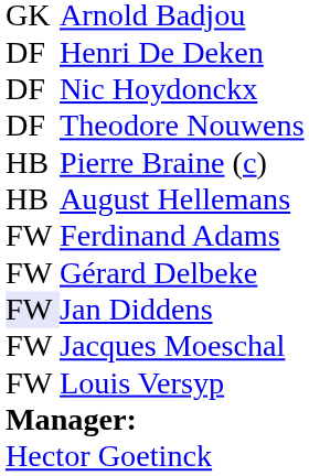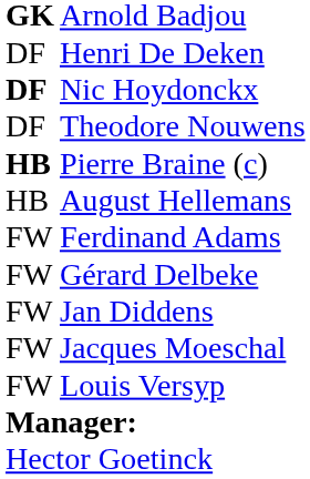 <table style="font-size: 90%" cellspacing="0" cellpadding="0" align=center>
 <tr>
 <th width="25"></th>
 </tr>
 <tr>
-<td>GK</td>
+<td><strong>GK</strong></td>
 <td><a href='#'>Arnold Badjou</a></td>
 </tr>
 <tr>
 <td>DF</td>
 <td><a href='#'>Henri De Deken</a></td>
 </tr>
 <tr>
-<td>DF</td>
+<td><strong>DF</strong></td>
 <td><a href='#'>Nic Hoydonckx</a></td>
 </tr>
 <tr>
 <td>DF</td>
 <td><a href='#'>Theodore Nouwens</a></td>
 </tr>
 <tr>
-<td>HB</td>
+<td><strong>HB</strong></td>
 <td><a href='#'>Pierre Braine</a> (<a href='#'>c</a>)</td>
 </tr>
 <tr>
 <td>HB</td>
 <td><a href='#'>August Hellemans</a></td>
 </tr>
 <tr>
 <td>FW</td>
 <td><a href='#'>Ferdinand Adams</a></td>
 </tr>
 <tr>
 <td>FW</td>
 <td><a href='#'>Gérard Delbeke</a></td>
 </tr>
 <tr>
-<td style="background: lavender;">FW</td>
+<td>FW</td>
 <td><a href='#'>Jan Diddens</a></td>
 </tr>
 <tr>
 <td>FW</td>
 <td><a href='#'>Jacques Moeschal</a></td>
 </tr>
 <tr>
 <td>FW</td>
 <td><a href='#'>Louis Versyp</a></td>
 </tr>
 <tr>
 <td colspan=3><strong>Manager:</strong></td>
 </tr>
 <tr>
 <td colspan=4><a href='#'>Hector Goetinck</a></td>
 </tr>
 </table>
